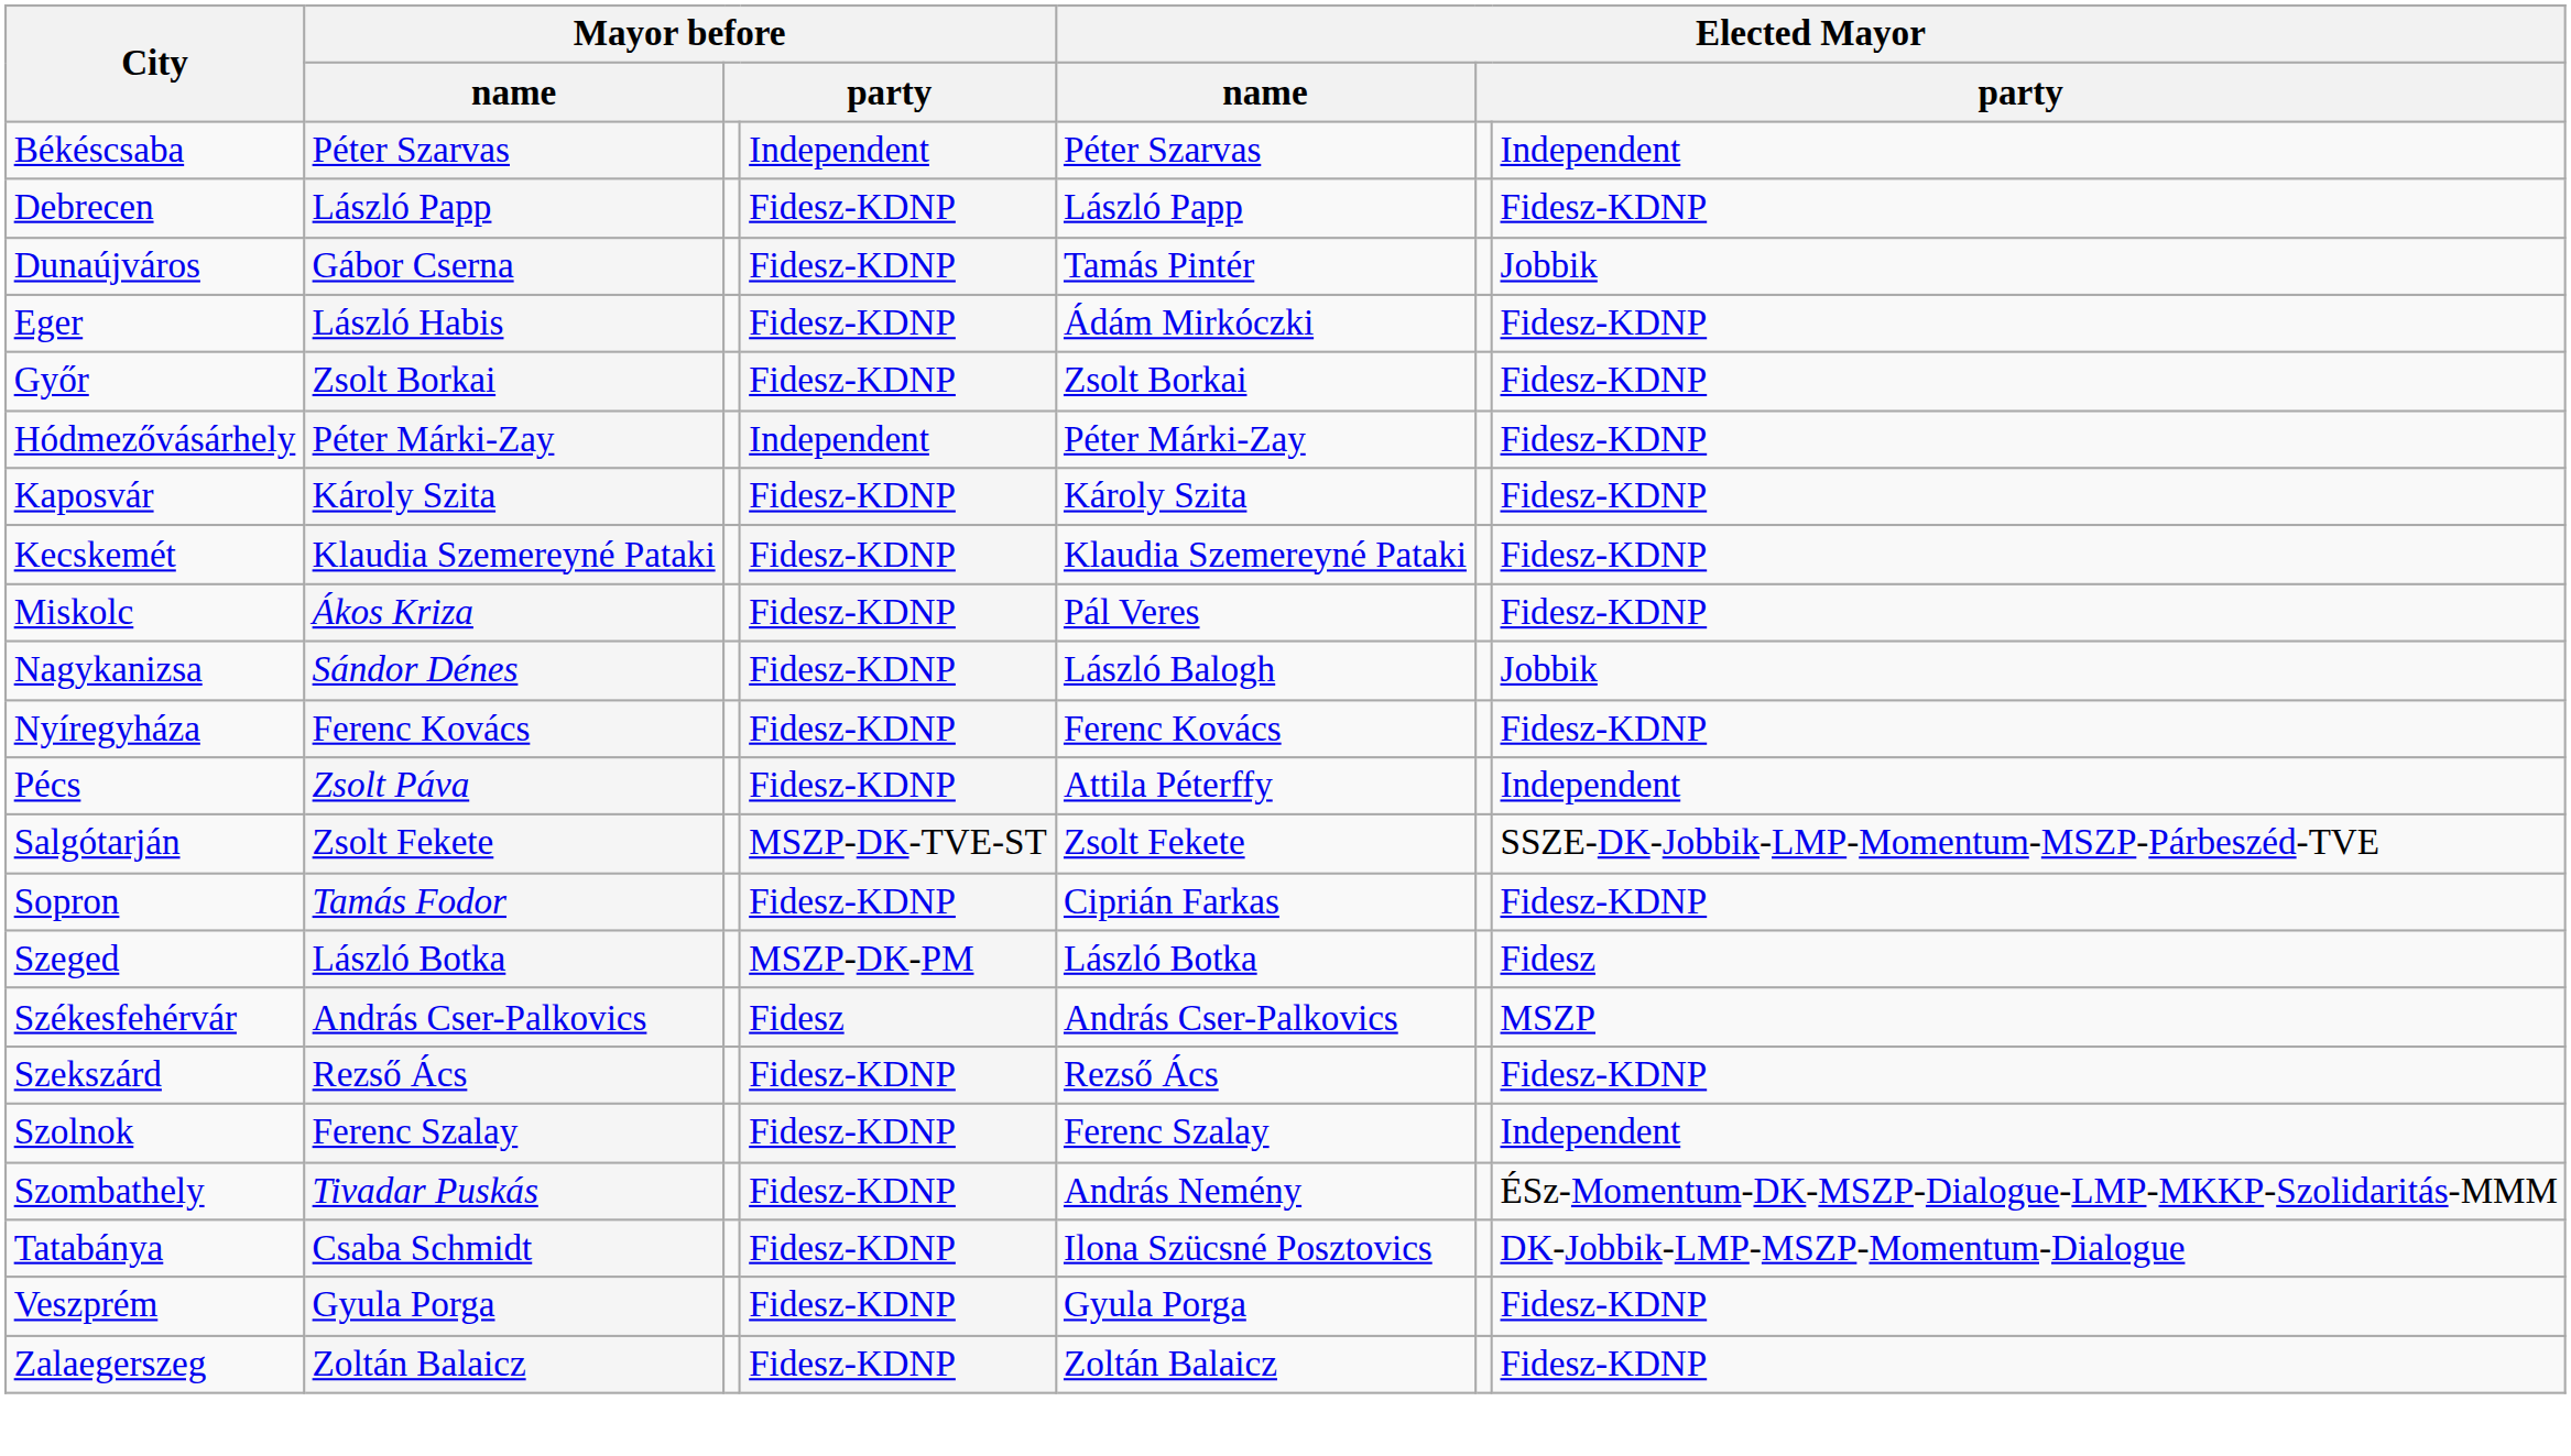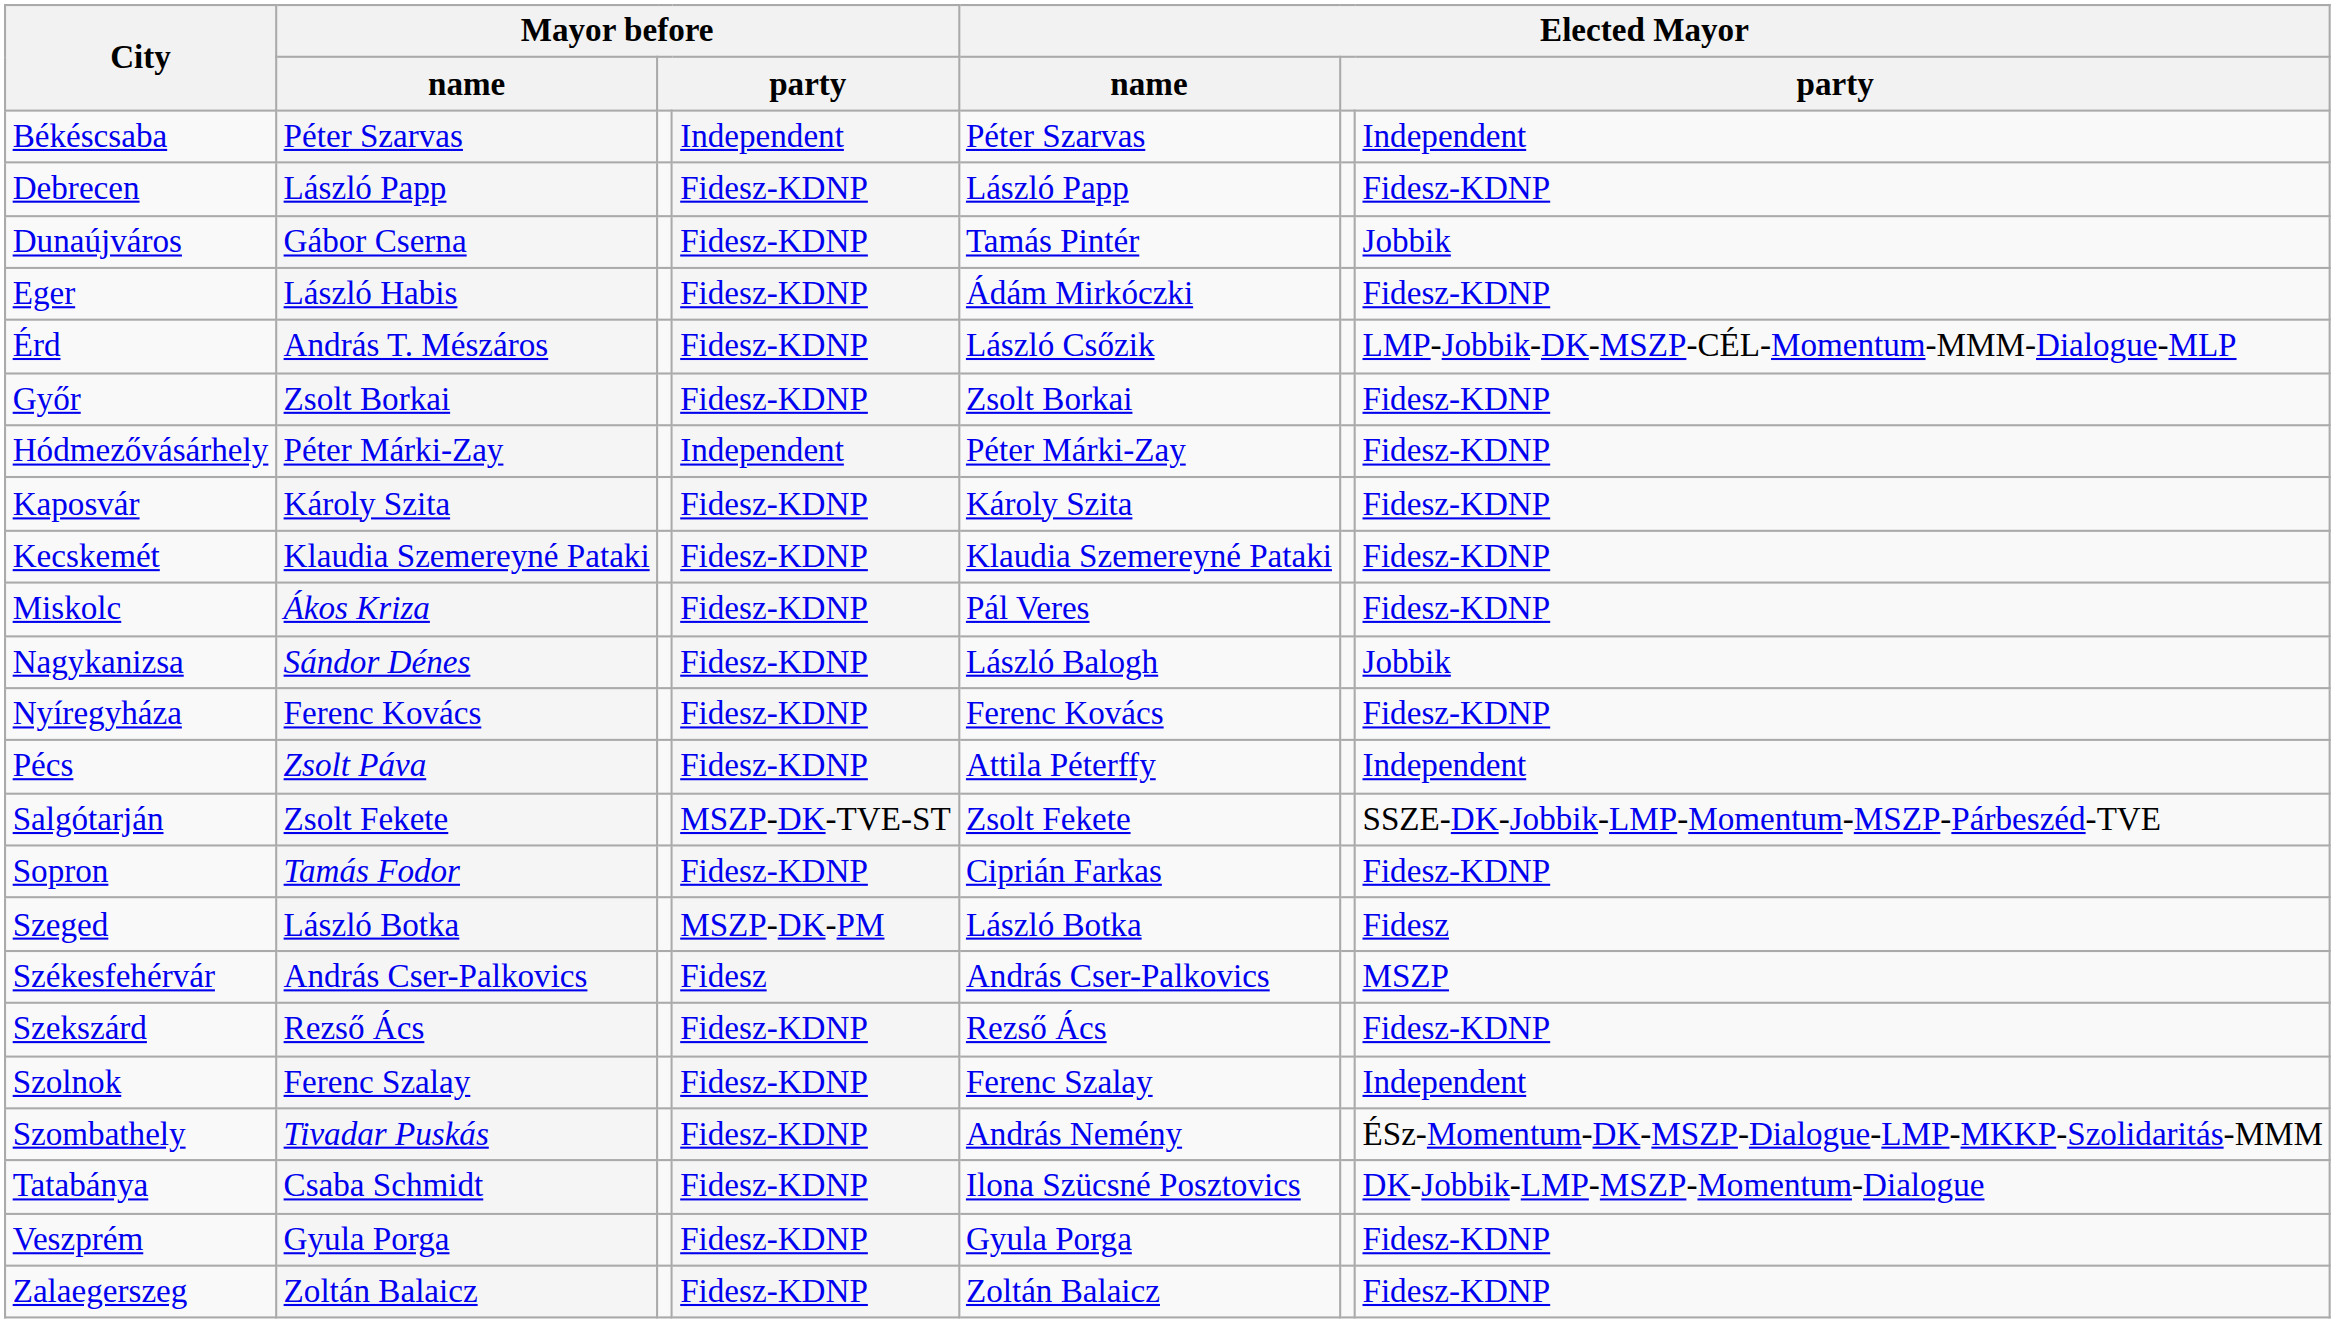 <table class="wikitable sortable">
 <tr>
 <th rowspan=2>City</th>
 <th colspan=3>Mayor before</th>
 <th colspan=3>Elected Mayor</th>
 </tr>
 <tr>
 <th>name</th>
 <th colspan=2>party</th>
 <th>name</th>
 <th colspan=2>party</th>
 </tr>
 <tr>
 <td><a href='#'>Békéscsaba</a></td>
 <td style="background:#F5F5F5;"><a href='#'>Péter Szarvas</a></td>
 <td style="background-color: "></td>
 <td style="background:#F5F5F5;"><a href='#'>Independent</a></td>
 <td><a href='#'>Péter Szarvas</a></td>
 <td style="background-color: "></td>
 <td><a href='#'>Independent</a> </td>
 </tr>
 <tr>
 <td><a href='#'>Debrecen</a></td>
 <td style="background:#F5F5F5;"><a href='#'>László Papp</a></td>
 <td style="background-color: "></td>
 <td style="background:#F5F5F5;"><a href='#'>Fidesz-KDNP</a></td>
 <td><a href='#'>László Papp</a></td>
 <td style="background-color: "></td>
 <td><a href='#'>Fidesz-KDNP</a></td>
 </tr>
 <tr>
 <td><a href='#'>Dunaújváros</a></td>
 <td style="background:#F5F5F5;"><a href='#'>Gábor Cserna</a></td>
 <td style="background-color: "></td>
 <td style="background:#F5F5F5;"><a href='#'>Fidesz-KDNP</a></td>
 <td><a href='#'>Tamás Pintér</a></td>
 <td style="background-color: "></td>
 <td><a href='#'>Jobbik</a> </td>
 </tr>
 <tr>
 <td><a href='#'>Eger</a></td>
 <td style="background:#F5F5F5;"><a href='#'>László Habis</a></td>
 <td style="background-color: "></td>
 <td style="background:#F5F5F5;"><a href='#'>Fidesz-KDNP</a></td>
 <td><a href='#'>Ádám Mirkóczki</a></td>
 <td style="background-color: "></td>
 <td><a href='#'>Fidesz-KDNP</a></td>
+</tr>
+<tr>
+<td><a href='#'>Érd</a></td>
+<td style="background:#F5F5F5;"><a href='#'>András T. Mészáros</a></td>
+<td style="background-color: "></td>
+<td style="background:#F5F5F5;"><a href='#'>Fidesz-KDNP</a></td>
+<td><a href='#'>László Csőzik</a></td>
+<td style="background-color: "></td>
+<td><a href='#'>LMP</a>-<a href='#'>Jobbik</a>-<a href='#'>DK</a>-<a href='#'>MSZP</a>-CÉL-<a href='#'>Momentum</a>-MMM-<a href='#'>Dialogue</a>-<a href='#'>MLP</a></td>
 </tr>
 <tr>
 <td><a href='#'>Győr</a></td>
 <td style="background:#F5F5F5;"><a href='#'>Zsolt Borkai</a></td>
 <td style="background-color: "></td>
 <td style="background:#F5F5F5;"><a href='#'>Fidesz-KDNP</a></td>
 <td><a href='#'>Zsolt Borkai</a></td>
 <td style="background-color: "></td>
 <td><a href='#'>Fidesz-KDNP</a></td>
 </tr>
 <tr>
 <td><a href='#'>Hódmezővásárhely</a></td>
 <td style="background:#F5F5F5;"><a href='#'>Péter Márki-Zay</a></td>
 <td style="background-color: "></td>
 <td style="background:#F5F5F5;"><a href='#'>Independent</a></td>
 <td><a href='#'>Péter Márki-Zay</a></td>
 <td style="background-color: "></td>
 <td><a href='#'>Fidesz-KDNP</a></td>
 </tr>
 <tr>
 <td><a href='#'>Kaposvár</a></td>
 <td style="background:#F5F5F5;"><a href='#'>Károly Szita</a></td>
 <td style="background-color: "></td>
 <td style="background:#F5F5F5;"><a href='#'>Fidesz-KDNP</a></td>
 <td><a href='#'>Károly Szita</a></td>
 <td style="background-color: "></td>
 <td><a href='#'>Fidesz-KDNP</a></td>
 </tr>
 <tr>
 <td><a href='#'>Kecskemét</a></td>
 <td style="background:#F5F5F5;"><a href='#'>Klaudia Szemereyné Pataki</a></td>
 <td style="background-color: "></td>
 <td style="background:#F5F5F5;"><a href='#'>Fidesz-KDNP</a></td>
 <td><a href='#'>Klaudia Szemereyné Pataki</a></td>
 <td style="background-color: "></td>
 <td><a href='#'>Fidesz-KDNP</a></td>
 </tr>
 <tr>
 <td><a href='#'>Miskolc</a></td>
 <td style="background:#F5F5F5;"><em><a href='#'>Ákos Kriza</a></em></td>
 <td style="background-color: "></td>
 <td style="background:#F5F5F5;"><a href='#'>Fidesz-KDNP</a></td>
 <td><a href='#'>Pál Veres</a></td>
 <td style="background-color: "></td>
 <td><a href='#'>Fidesz-KDNP</a></td>
 </tr>
 <tr>
 <td><a href='#'>Nagykanizsa</a></td>
 <td style="background:#F5F5F5;"><em><a href='#'>Sándor Dénes</a></em></td>
 <td style="background-color: "></td>
 <td style="background:#F5F5F5;"><a href='#'>Fidesz-KDNP</a></td>
 <td><a href='#'>László Balogh</a></td>
 <td style="background-color: "></td>
 <td><a href='#'>Jobbik</a> </td>
 </tr>
 <tr>
 <td><a href='#'>Nyíregyháza</a></td>
 <td style="background:#F5F5F5;"><a href='#'>Ferenc Kovács</a></td>
 <td style="background-color: "></td>
 <td style="background:#F5F5F5;"><a href='#'>Fidesz-KDNP</a></td>
 <td><a href='#'>Ferenc Kovács</a></td>
 <td style="background-color: "></td>
 <td><a href='#'>Fidesz-KDNP</a></td>
 </tr>
 <tr>
 <td><a href='#'>Pécs</a></td>
 <td style="background:#F5F5F5;"><em><a href='#'>Zsolt Páva</a></em></td>
 <td style="background-color: "></td>
 <td style="background:#F5F5F5;"><a href='#'>Fidesz-KDNP</a></td>
 <td><a href='#'>Attila Péterffy</a></td>
 <td style="background-color: "></td>
 <td><a href='#'>Independent</a> </td>
 </tr>
 <tr>
 <td><a href='#'>Salgótarján</a></td>
 <td style="background:#F5F5F5;"><a href='#'>Zsolt Fekete</a></td>
 <td style="background-color: "></td>
 <td style="background:#F5F5F5;"><a href='#'>MSZP</a>-<a href='#'>DK</a>-TVE-ST</td>
 <td><a href='#'>Zsolt Fekete</a></td>
 <td style="background-color: "></td>
 <td>SSZE-<a href='#'>DK</a>-<a href='#'>Jobbik</a>-<a href='#'>LMP</a>-<a href='#'>Momentum</a>-<a href='#'>MSZP</a>-<a href='#'>Párbeszéd</a>-TVE</td>
 </tr>
 <tr>
 <td><a href='#'>Sopron</a></td>
 <td style="background:#F5F5F5;"><em><a href='#'>Tamás Fodor</a></em></td>
 <td style="background-color: "></td>
 <td style="background:#F5F5F5;"><a href='#'>Fidesz-KDNP</a></td>
 <td><a href='#'>Ciprián Farkas</a></td>
 <td style="background-color: "></td>
 <td><a href='#'>Fidesz-KDNP</a></td>
 </tr>
 <tr>
 <td><a href='#'>Szeged</a></td>
 <td style="background:#F5F5F5;"><a href='#'>László Botka</a></td>
 <td style="background-color: "></td>
 <td style="background:#F5F5F5;"><a href='#'>MSZP</a>-<a href='#'>DK</a>-<a href='#'>PM</a></td>
 <td><a href='#'>László Botka</a></td>
 <td style="background-color: "></td>
 <td><a href='#'>Fidesz</a></td>
 </tr>
 <tr>
 <td><a href='#'>Székesfehérvár</a></td>
 <td style="background:#F5F5F5;"><a href='#'>András Cser-Palkovics</a></td>
 <td style="background-color: "></td>
 <td style="background:#F5F5F5;"><a href='#'>Fidesz</a></td>
 <td><a href='#'>András Cser-Palkovics</a></td>
 <td style="background-color: "></td>
 <td><a href='#'>MSZP</a> </td>
 </tr>
 <tr>
 <td><a href='#'>Szekszárd</a></td>
 <td style="background:#F5F5F5;"><a href='#'>Rezső Ács</a></td>
 <td style="background-color: "></td>
 <td style="background:#F5F5F5;"><a href='#'>Fidesz-KDNP</a></td>
 <td><a href='#'>Rezső Ács</a></td>
 <td style="background-color: "></td>
 <td><a href='#'>Fidesz-KDNP</a></td>
 </tr>
 <tr>
 <td><a href='#'>Szolnok</a></td>
 <td style="background:#F5F5F5;"><a href='#'>Ferenc Szalay</a></td>
 <td style="background-color: "></td>
 <td style="background:#F5F5F5;"><a href='#'>Fidesz-KDNP</a></td>
 <td><a href='#'>Ferenc Szalay</a></td>
 <td style="background-color: "></td>
 <td><a href='#'>Independent</a> </td>
 </tr>
 <tr>
 <td><a href='#'>Szombathely</a></td>
 <td style="background:#F5F5F5;"><em><a href='#'>Tivadar Puskás</a></em></td>
 <td style="background-color: "></td>
 <td style="background:#F5F5F5;"><a href='#'>Fidesz-KDNP</a></td>
 <td><a href='#'>András Nemény</a></td>
 <td style="background-color: "></td>
 <td>ÉSz-<a href='#'>Momentum</a>-<a href='#'>DK</a>-<a href='#'>MSZP</a>-<a href='#'>Dialogue</a>-<a href='#'>LMP</a>-<a href='#'>MKKP</a>-<a href='#'>Szolidaritás</a>-MMM</td>
 </tr>
 <tr>
 <td><a href='#'>Tatabánya</a></td>
 <td style="background:#F5F5F5;"><a href='#'>Csaba Schmidt</a></td>
 <td style="background-color: "></td>
 <td style="background:#F5F5F5;"><a href='#'>Fidesz-KDNP</a></td>
 <td><a href='#'>Ilona Szücsné Posztovics</a></td>
 <td style="background-color: "></td>
 <td><a href='#'>DK</a>-<a href='#'>Jobbik</a>-<a href='#'>LMP</a>-<a href='#'>MSZP</a>-<a href='#'>Momentum</a>-<a href='#'>Dialogue</a></td>
 </tr>
 <tr>
 <td><a href='#'>Veszprém</a></td>
 <td style="background:#F5F5F5;"><a href='#'>Gyula Porga</a></td>
 <td style="background-color: "></td>
 <td style="background:#F5F5F5;"><a href='#'>Fidesz-KDNP</a></td>
 <td><a href='#'>Gyula Porga</a></td>
 <td style="background-color: "></td>
 <td><a href='#'>Fidesz-KDNP</a></td>
 </tr>
 <tr>
 <td><a href='#'>Zalaegerszeg</a></td>
 <td style="background:#F5F5F5;"><a href='#'>Zoltán Balaicz</a></td>
 <td style="background-color: "></td>
 <td style="background:#F5F5F5;"><a href='#'>Fidesz-KDNP</a></td>
 <td><a href='#'>Zoltán Balaicz</a></td>
 <td style="background-color: "></td>
 <td><a href='#'>Fidesz-KDNP</a></td>
 </tr>
 </table>
